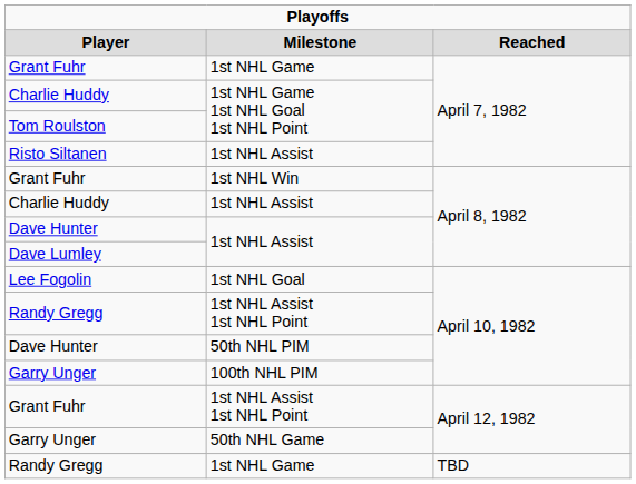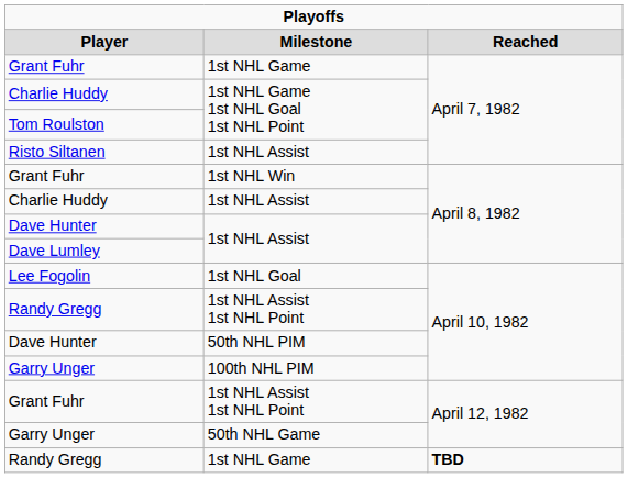 <table class="wikitable" style="width:50%;">
 <tr>
 <td colspan="10" style="text-align:center;"><strong>Playoffs</strong></td>
 </tr>
 <tr style="text-align:center; background:#ddd;">
 <td><strong>Player</strong></td>
 <td><strong>Milestone</strong></td>
 <td><strong>Reached</strong></td>
 </tr>
 <tr>
 <td><a href='#'>Grant Fuhr</a></td>
 <td>1st NHL Game</td>
 <td rowspan="4">April 7, 1982</td>
 </tr>
 <tr>
 <td><a href='#'>Charlie Huddy</a></td>
 <td rowspan="2">1st NHL Game<br>1st NHL Goal<br>1st NHL Point</td>
 </tr>
 <tr>
 <td><a href='#'>Tom Roulston</a></td>
 </tr>
 <tr>
 <td><a href='#'>Risto Siltanen</a></td>
 <td>1st NHL Assist</td>
 </tr>
 <tr>
 <td>Grant Fuhr</td>
 <td>1st NHL Win</td>
 <td rowspan="4">April 8, 1982</td>
 </tr>
 <tr>
 <td>Charlie Huddy</td>
 <td>1st NHL Assist</td>
 </tr>
 <tr>
 <td><a href='#'>Dave Hunter</a></td>
 <td rowspan="2">1st NHL Assist</td>
 </tr>
 <tr>
 <td><a href='#'>Dave Lumley</a></td>
 </tr>
 <tr>
 <td><a href='#'>Lee Fogolin</a></td>
 <td>1st NHL Goal</td>
 <td rowspan="4">April 10, 1982</td>
 </tr>
 <tr>
 <td><a href='#'>Randy Gregg</a></td>
 <td>1st NHL Assist<br>1st NHL Point</td>
 </tr>
 <tr>
 <td>Dave Hunter</td>
 <td>50th NHL PIM</td>
 </tr>
 <tr>
 <td><a href='#'>Garry Unger</a></td>
 <td>100th NHL PIM</td>
 </tr>
 <tr>
 <td>Grant Fuhr</td>
 <td>1st NHL Assist<br>1st NHL Point</td>
 <td rowspan="2">April 12, 1982</td>
 </tr>
 <tr>
 <td>Garry Unger</td>
 <td>50th NHL Game</td>
 </tr>
 <tr>
 <td>Randy Gregg</td>
 <td>1st NHL Game</td>
-<td>TBD</td>
+<td><strong>TBD</strong></td>
 </tr>
 </table>
